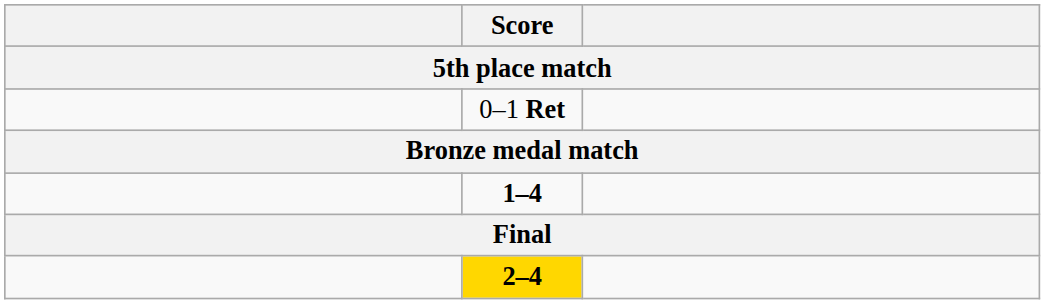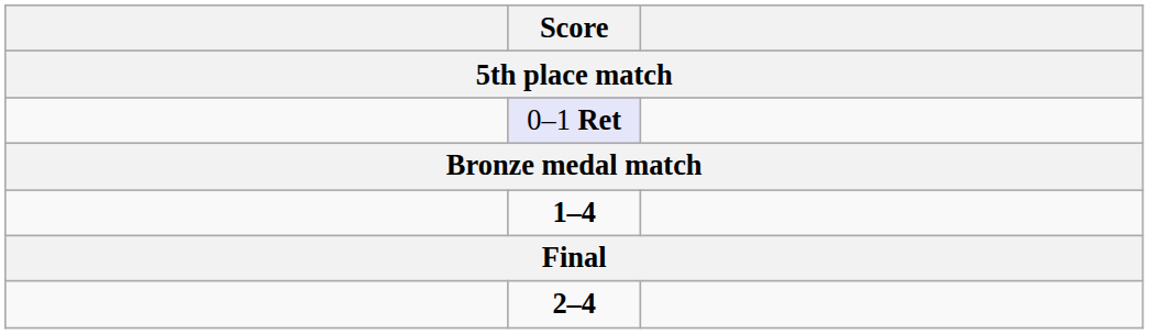 <table class="wikitable" style="text-align: left;">
 <tr>
 <th align="right" width="270"></th>
 <th width="65">Score</th>
 <th align="left" width="270"></th>
 </tr>
 <tr>
 <th colspan="3">5th place match</th>
 </tr>
 <tr>
 <td></td>
-<td align="center">0–1 <strong>Ret</strong></td>
+<td align="center" style="background: lavender;">0–1 <strong>Ret</strong></td>
 <td><strong></strong></td>
 </tr>
 <tr>
 <th colspan="3">Bronze medal match</th>
 </tr>
 <tr>
 <td></td>
 <td align=center><strong>1–4</strong></td>
 <td><strong></strong></td>
 </tr>
 <tr>
 <th colspan="3">Final</th>
 </tr>
 <tr>
 <td></td>
-<td align=center style="background: gold;"><strong>2–4</strong></td>
+<td align=center><strong>2–4</strong></td>
 <td><strong></strong></td>
 </tr>
 </table>
